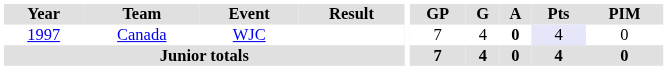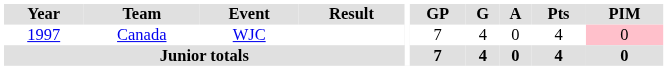 <table border="0" cellpadding="1" cellspacing="0" ID="Table3" style="text-align:center; width:40em">
 <tr ALIGN="center" bgcolor="#e0e0e0">
 <th>Year</th>
 <th>Team</th>
 <th>Event</th>
 <th>Result</th>
 <th rowspan="99" bgcolor="#ffffff"></th>
 <th>GP</th>
 <th>G</th>
 <th>A</th>
 <th>Pts</th>
 <th>PIM</th>
 </tr>
 <tr>
 <td><a href='#'>1997</a></td>
 <td><a href='#'>Canada</a></td>
 <td><a href='#'>WJC</a></td>
 <td></td>
 <td>7</td>
 <td>4</td>
-<td><strong>0</strong></td>
-<td style="background: lavender;">4</td>
 <td>0</td>
+<td>4</td>
+<td style="background: pink;">0</td>
 </tr>
 <tr bgcolor="#e0e0e0">
 <th colspan="4">Junior totals</th>
 <th>7</th>
 <th>4</th>
 <th>0</th>
 <th>4</th>
 <th>0</th>
 </tr>
 </table>
